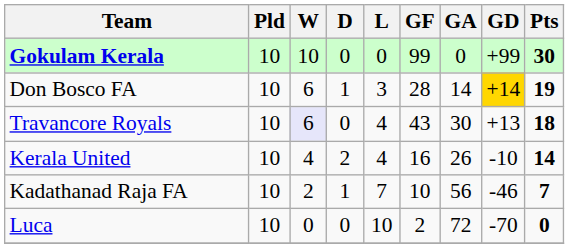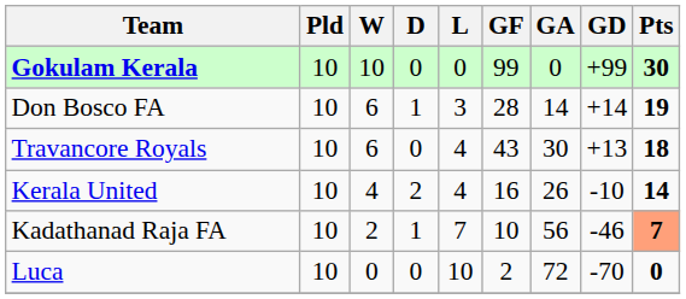 <table class="wikitable" style="text-align: center;">
 <tr>
 <th width="175">Team</th>
 <th width="20">Pld</th>
 <th width="20">W</th>
 <th width="20">D</th>
 <th width="20">L</th>
 <th width="20">GF</th>
 <th width="20">GA</th>
 <th width="20">GD</th>
 <th width="20">Pts</th>
 </tr>
 <tr bgcolor=#ccffcc>
 <td align=left><strong><a href='#'>Gokulam Kerala</a></strong></td>
 <td>10</td>
 <td>10</td>
 <td>0</td>
 <td>0</td>
 <td>99</td>
 <td>0</td>
 <td>+99</td>
 <td><strong>30</strong></td>
 </tr>
 <tr>
 <td align=left>Don Bosco FA</td>
 <td>10</td>
 <td>6</td>
 <td>1</td>
 <td>3</td>
 <td>28</td>
 <td>14</td>
-<td style="background: gold;">+14</td>
+<td>+14</td>
 <td><strong>19</strong></td>
 </tr>
 <tr>
 <td align=left><a href='#'>Travancore Royals</a></td>
 <td>10</td>
-<td style="background: lavender;">6</td>
+<td>6</td>
 <td>0</td>
 <td>4</td>
 <td>43</td>
 <td>30</td>
 <td>+13</td>
 <td><strong>18</strong></td>
 </tr>
 <tr>
 <td align=left><a href='#'>Kerala United</a></td>
 <td>10</td>
 <td>4</td>
 <td>2</td>
 <td>4</td>
 <td>16</td>
 <td>26</td>
 <td>-10</td>
 <td><strong>14</strong></td>
 </tr>
 <tr>
 <td align=left>Kadathanad Raja FA</td>
 <td>10</td>
 <td>2</td>
 <td>1</td>
 <td>7</td>
 <td>10</td>
 <td>56</td>
 <td>-46</td>
-<td><strong>7</strong></td>
+<td style="background: lightsalmon;"><strong>7</strong></td>
 </tr>
 <tr>
 <td align=left><a href='#'>Luca</a></td>
 <td>10</td>
 <td>0</td>
 <td>0</td>
 <td>10</td>
 <td>2</td>
 <td>72</td>
 <td>-70</td>
 <td><strong>0</strong></td>
 </tr>
 <tr>
 </tr>
 </table>
